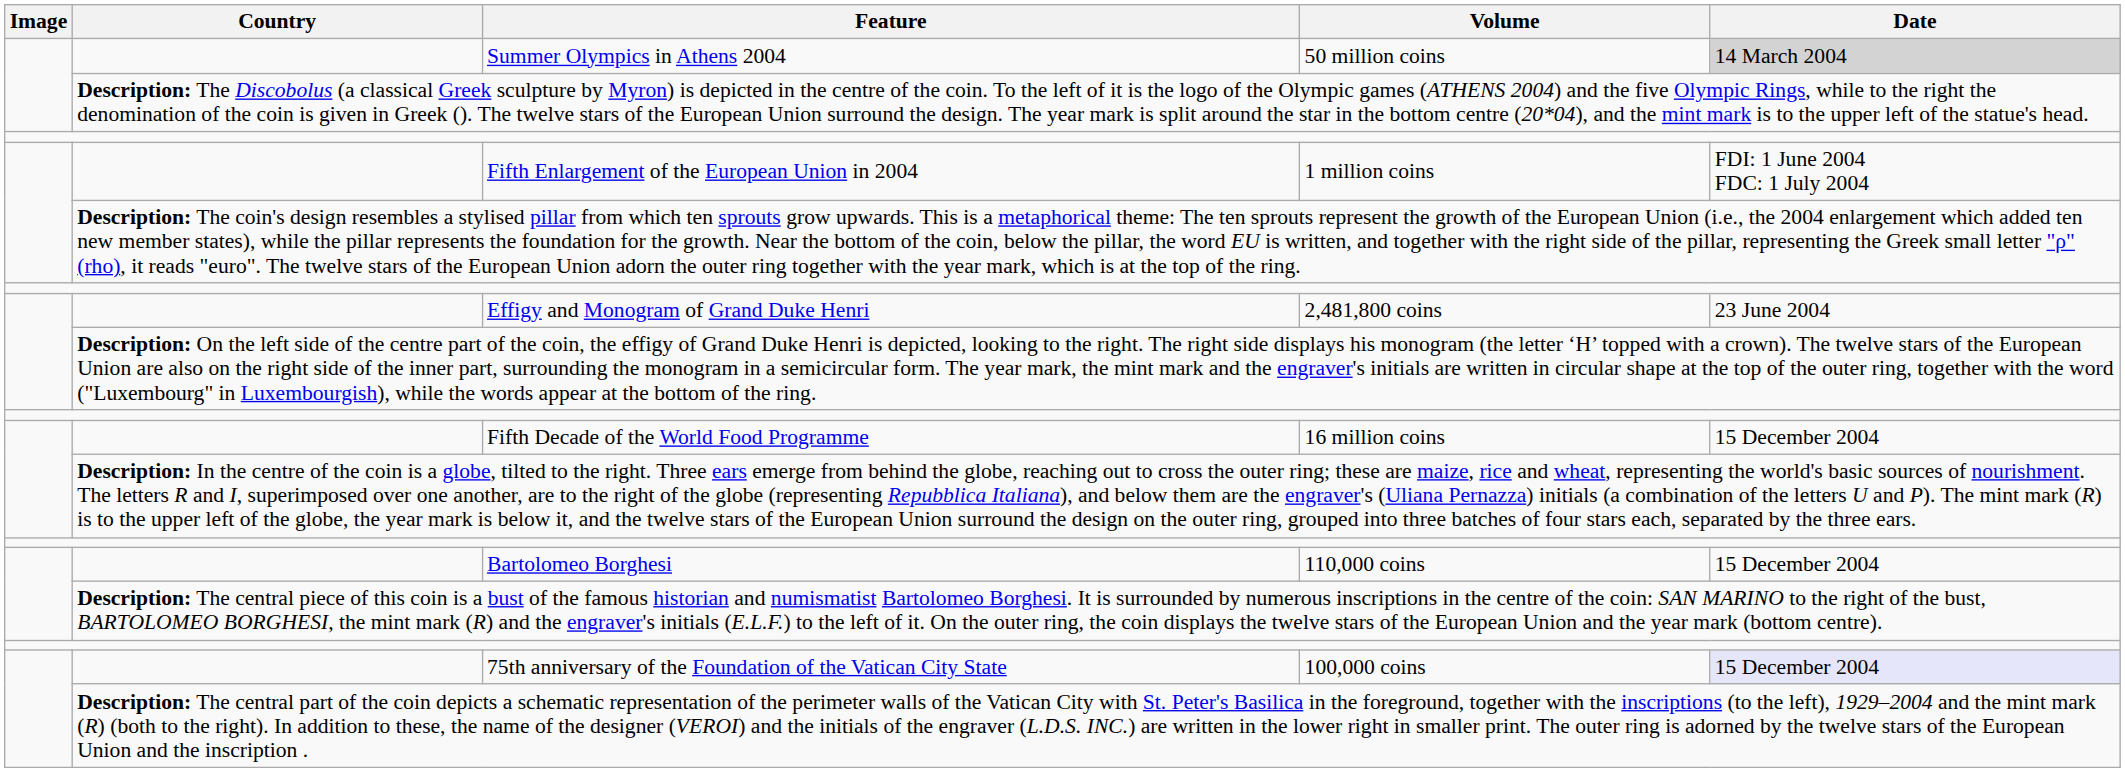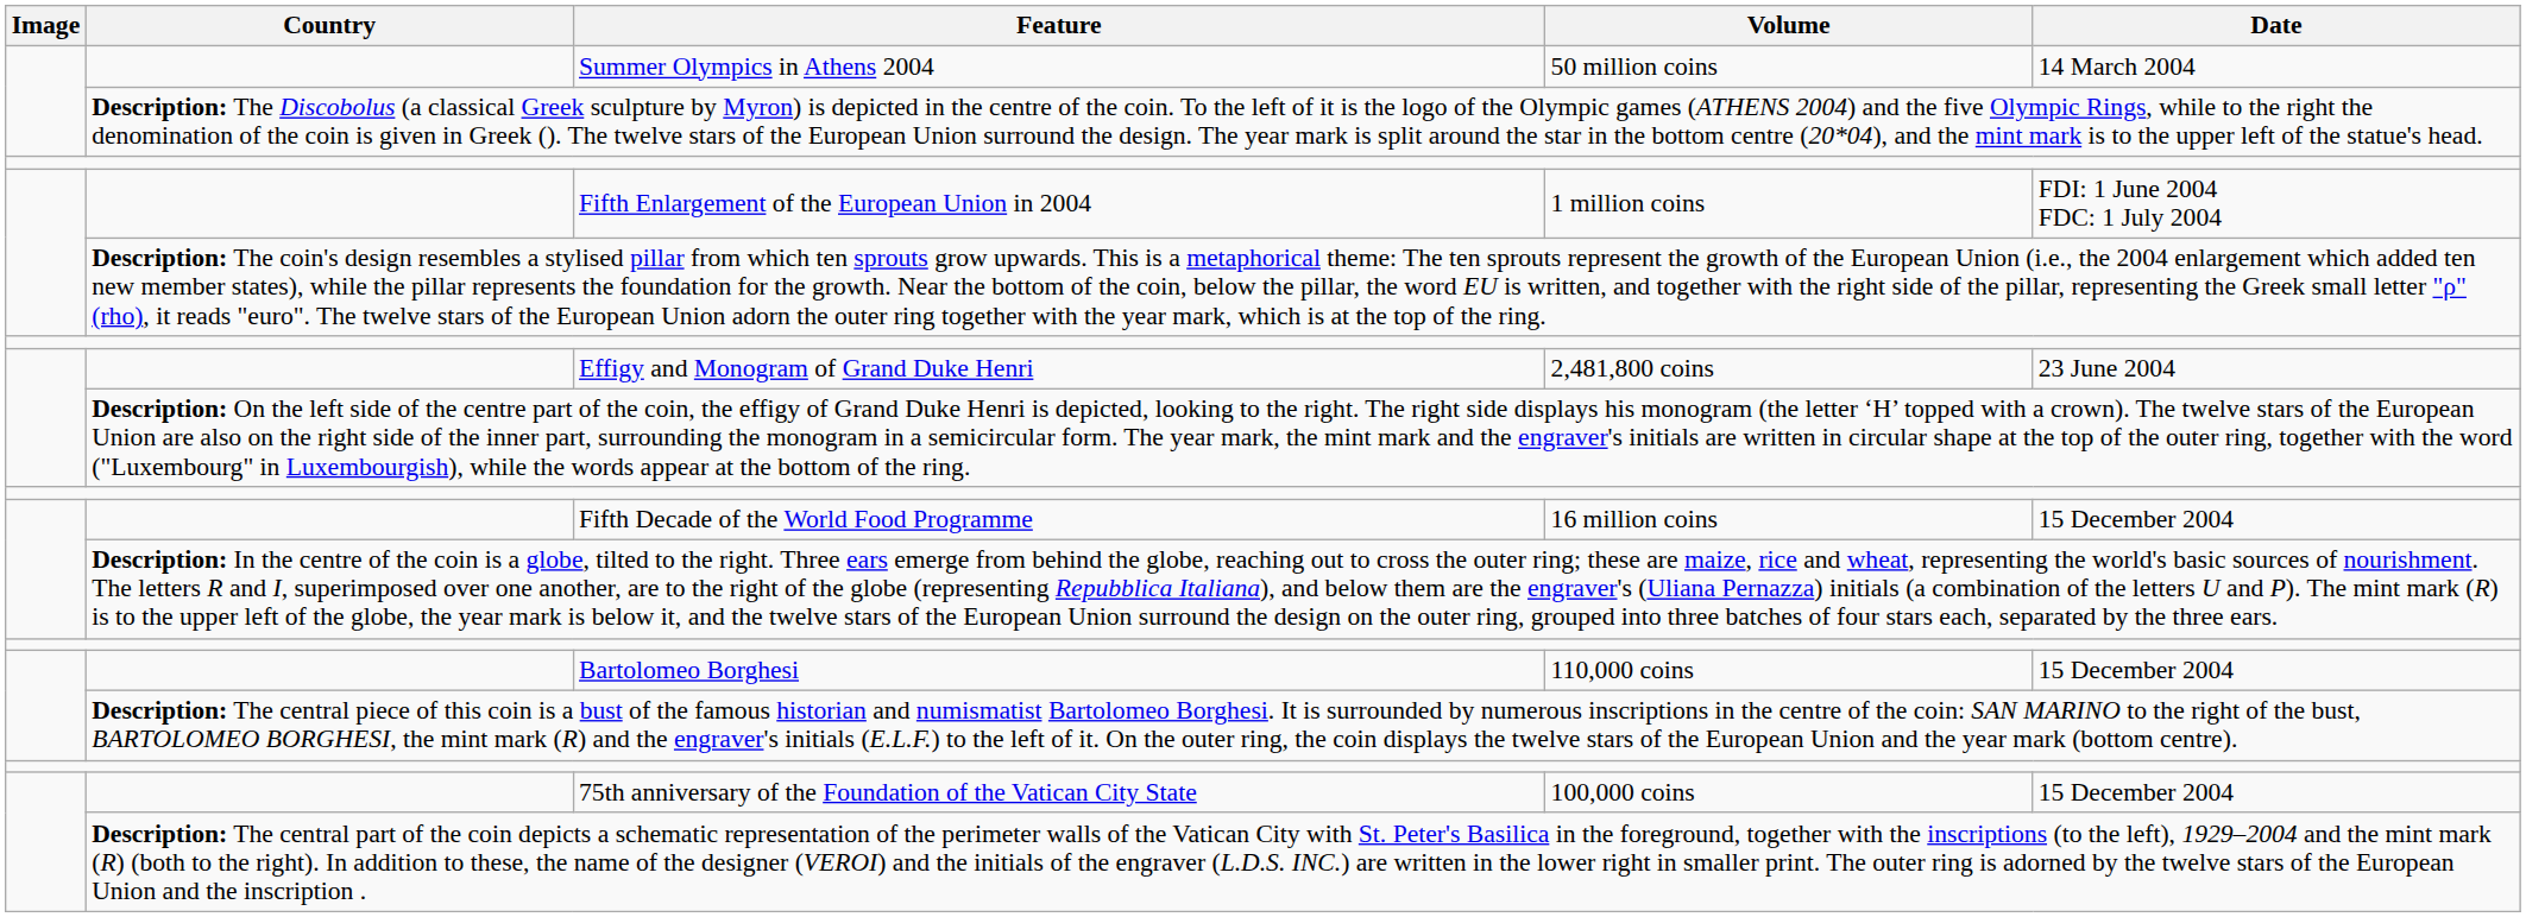 <table class="wikitable">
 <tr>
 <th>Image</th>
 <th>Country</th>
 <th>Feature</th>
 <th>Volume</th>
 <th>Date</th>
 </tr>
 <tr>
 <td style="width:160px;" rowspan="2"></td>
 <td style="width:20%;"></td>
 <td style="width:40%;"><a href='#'>Summer Olympics</a> in <a href='#'>Athens</a> 2004</td>
 <td style="width:20%;">50 million coins</td>
-<td style="background: lightgrey; width:20%;">14 March 2004</td>
+<td style="width:20%;">14 March 2004</td>
 </tr>
 <tr>
 <td colspan="5"><strong>Description:</strong> The <em><a href='#'>Discobolus</a></em> (a classical <a href='#'>Greek</a> sculpture by <a href='#'>Myron</a>) is depicted in the centre of the coin. To the left of it is the logo of the Olympic games (<em>ATHENS 2004</em>) and the five <a href='#'>Olympic Rings</a>, while to the right the denomination of the coin is given in Greek (). The twelve stars of the European Union surround the design. The year mark is split around the star in the bottom centre (<em>20*04</em>), and the <a href='#'>mint mark</a> is to the upper left of the statue's head.</td>
 </tr>
 <tr>
 <td colspan="5"></td>
 </tr>
 <tr>
 <td style="width:160px;" rowspan="2"></td>
 <td style="width:20%;"></td>
 <td style="width:40%;"><a href='#'>Fifth Enlargement</a> of the <a href='#'>European Union</a> in 2004</td>
 <td style="width:20%;">1 million coins</td>
 <td style="width:20%;">FDI: 1 June 2004<br>FDC: 1 July 2004</td>
 </tr>
 <tr>
 <td colspan="5"><strong>Description:</strong> The coin's design resembles a stylised <a href='#'>pillar</a> from which ten <a href='#'>sprouts</a> grow upwards. This is a <a href='#'>metaphorical</a> theme: The ten sprouts represent the growth of the European Union (i.e., the 2004 enlargement which added ten new member states), while the pillar represents the foundation for the growth. Near the bottom of the coin, below the pillar, the word <em>EU</em> is written, and together with the right side of the pillar, representing the Greek small letter <a href='#'>"ρ" (rho)</a>, it reads "euro". The twelve stars of the European Union adorn the outer ring together with the year mark, which is at the top of the ring.</td>
 </tr>
 <tr>
 <td colspan="5"></td>
 </tr>
 <tr>
 <td style="width:160px;" rowspan="2"></td>
 <td style="width:20%;"></td>
 <td style="width:40%;"><a href='#'>Effigy</a> and <a href='#'>Monogram</a> of <a href='#'>Grand Duke Henri</a></td>
 <td style="width:20%;">2,481,800 coins</td>
 <td style="width:20%;">23 June 2004</td>
 </tr>
 <tr>
 <td colspan="5"><strong>Description:</strong> On the left side of the centre part of the coin, the effigy of Grand Duke Henri is depicted, looking to the right. The right side displays his monogram (the letter ‘H’ topped with a crown). The twelve stars of the European Union are also on the right side of the inner part, surrounding the monogram in a semicircular form. The year mark, the mint mark and the <a href='#'>engraver</a>'s initials are written in circular shape at the top of the outer ring, together with the word  ("Luxembourg" in <a href='#'>Luxembourgish</a>), while the words  appear at the bottom of the ring.</td>
 </tr>
 <tr>
 <td colspan="5"></td>
 </tr>
 <tr>
 <td style="width:160px;" rowspan="2"></td>
 <td style="width:20%;"></td>
 <td style="width:40%;">Fifth Decade of the <a href='#'>World Food Programme</a></td>
 <td style="width:20%;">16 million coins</td>
 <td style="width:20%;">15 December 2004</td>
 </tr>
 <tr>
 <td colspan="5"><strong>Description:</strong> In the centre of the coin is a <a href='#'>globe</a>, tilted to the right. Three <a href='#'>ears</a> emerge from behind the globe, reaching out to cross the outer ring; these are <a href='#'>maize</a>, <a href='#'>rice</a> and <a href='#'>wheat</a>, representing the world's basic sources of <a href='#'>nourishment</a>. The letters <em>R</em> and <em>I</em>, superimposed over one another, are to the right of the globe (representing <em><a href='#'>Repubblica Italiana</a></em>), and below them are the <a href='#'>engraver</a>'s (<a href='#'>Uliana Pernazza</a>) initials (a combination of the letters <em>U</em> and <em>P</em>). The mint mark (<em>R</em>) is to the upper left of the globe, the year mark is below it, and the twelve stars of the European Union surround the design on the outer ring, grouped into three batches of four stars each, separated by the three ears.</td>
 </tr>
 <tr>
 <td colspan="5"></td>
 </tr>
 <tr>
 <td style="width:160px;" rowspan="2"></td>
 <td style="width:20%;"></td>
 <td style="width:40%;"><a href='#'>Bartolomeo Borghesi</a></td>
 <td style="width:20%;">110,000 coins</td>
 <td style="width:20%;">15 December 2004</td>
 </tr>
 <tr>
 <td colspan="5"><strong>Description:</strong> The central piece of this coin is a <a href='#'>bust</a> of the famous <a href='#'>historian</a> and <a href='#'>numismatist</a> <a href='#'>Bartolomeo Borghesi</a>. It is surrounded by numerous inscriptions in the centre of the coin: <em>SAN MARINO</em> to the right of the bust, <em>BARTOLOMEO BORGHESI</em>, the mint mark (<em>R</em>) and the <a href='#'>engraver</a>'s initials (<em>E.L.F.</em>) to the left of it. On the outer ring, the coin displays the twelve stars of the European Union and the year mark (bottom centre).</td>
 </tr>
 <tr>
 <td colspan="5"></td>
 </tr>
 <tr>
 <td style="width:160px;" rowspan="2"></td>
 <td style="width:20%;"></td>
 <td style="width:40%;">75th anniversary of the <a href='#'>Foundation of the Vatican City State</a></td>
 <td style="width:20%;">100,000 coins</td>
-<td style="background: lavender; width:20%;">15 December 2004</td>
+<td style="width:20%;">15 December 2004</td>
 </tr>
 <tr>
 <td colspan="5"><strong>Description:</strong> The central part of the coin depicts a schematic representation of the perimeter walls of the Vatican City with <a href='#'>St. Peter's Basilica</a> in the foreground, together with the <a href='#'>inscriptions</a>  (to the left), <em>1929–2004</em> and the mint mark (<em>R</em>) (both to the right). In addition to these, the name of the designer (<em>VEROI</em>) and the initials of the engraver (<em>L.D.S. INC.</em>) are written in the lower right in smaller print. The outer ring is adorned by the twelve stars of the European Union and the inscription .</td>
 </tr>
 </table>
